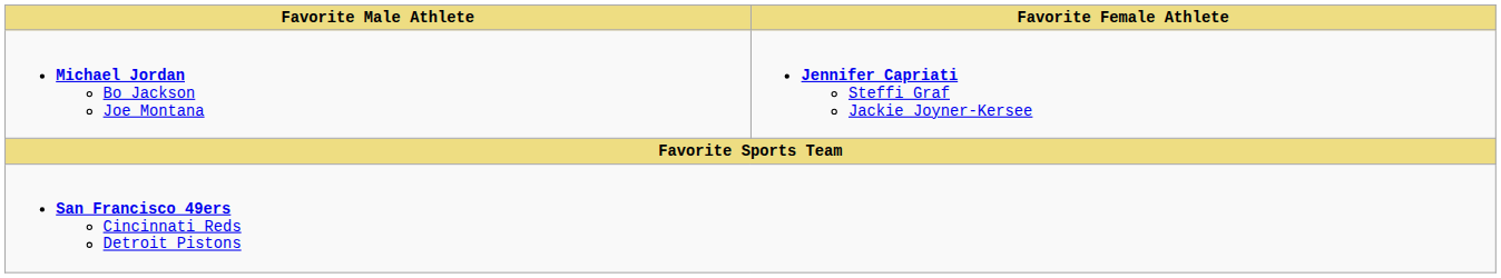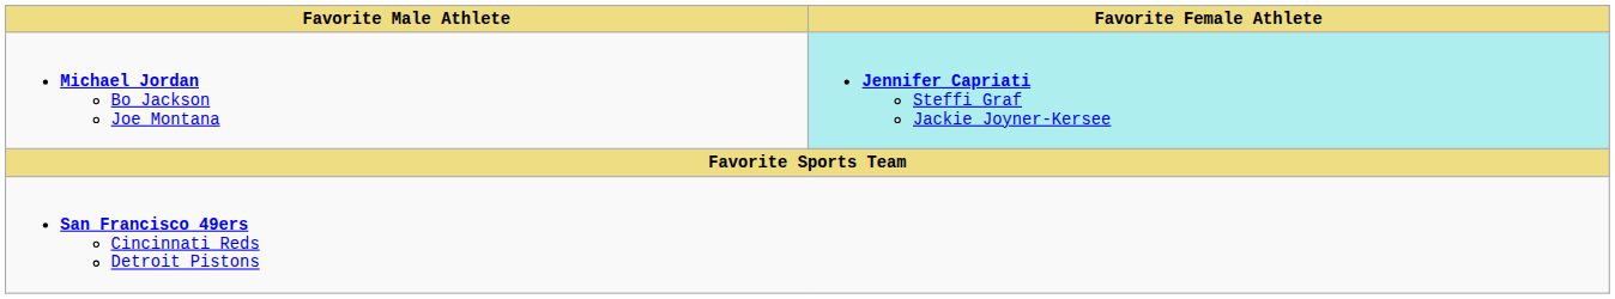 <table class="wikitable" style="width:100%">
 <tr>
 <th style="background:#EEDD82; width:50%">Favorite Male Athlete</th>
 <th style="background:#EEDD82; width:50%">Favorite Female Athlete</th>
 </tr>
 <tr>
 <td valign="top"><br><ul><li><strong><a href='#'>Michael Jordan</a></strong><ul><li><a href='#'>Bo Jackson</a></li><li><a href='#'>Joe Montana</a></li></ul></li></ul></td>
-<td valign="top"><br><ul><li><strong><a href='#'>Jennifer Capriati</a></strong><ul><li><a href='#'>Steffi Graf</a></li><li><a href='#'>Jackie Joyner-Kersee</a></li></ul></li></ul></td>
+<td valign="top" style="background: paleturquoise;"><br><ul><li><strong><a href='#'>Jennifer Capriati</a></strong><ul><li><a href='#'>Steffi Graf</a></li><li><a href='#'>Jackie Joyner-Kersee</a></li></ul></li></ul></td>
 </tr>
 <tr>
 <th style="background:#EEDD82;" colspan="2">Favorite Sports Team</th>
 </tr>
 <tr>
 <td colspan="2" valign="top"><br><ul><li><strong><a href='#'>San Francisco 49ers</a></strong><ul><li><a href='#'>Cincinnati Reds</a></li><li><a href='#'>Detroit Pistons</a></li></ul></li></ul></td>
 </tr>
 </table>
